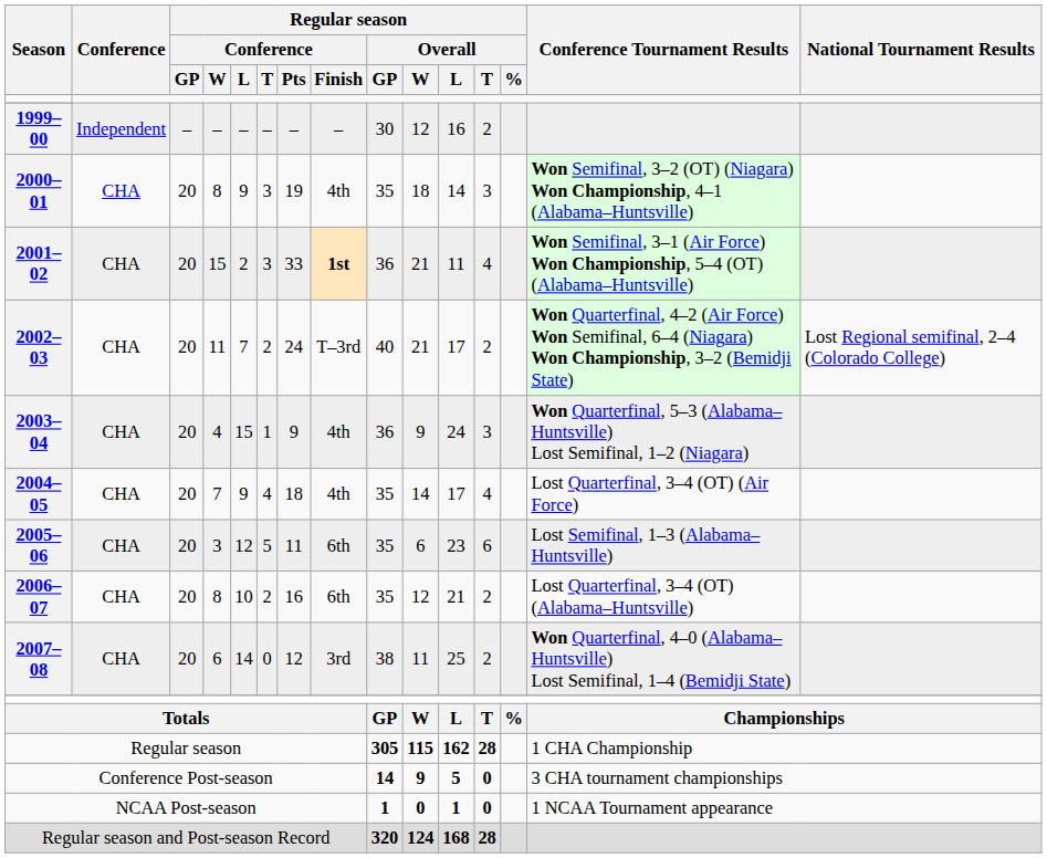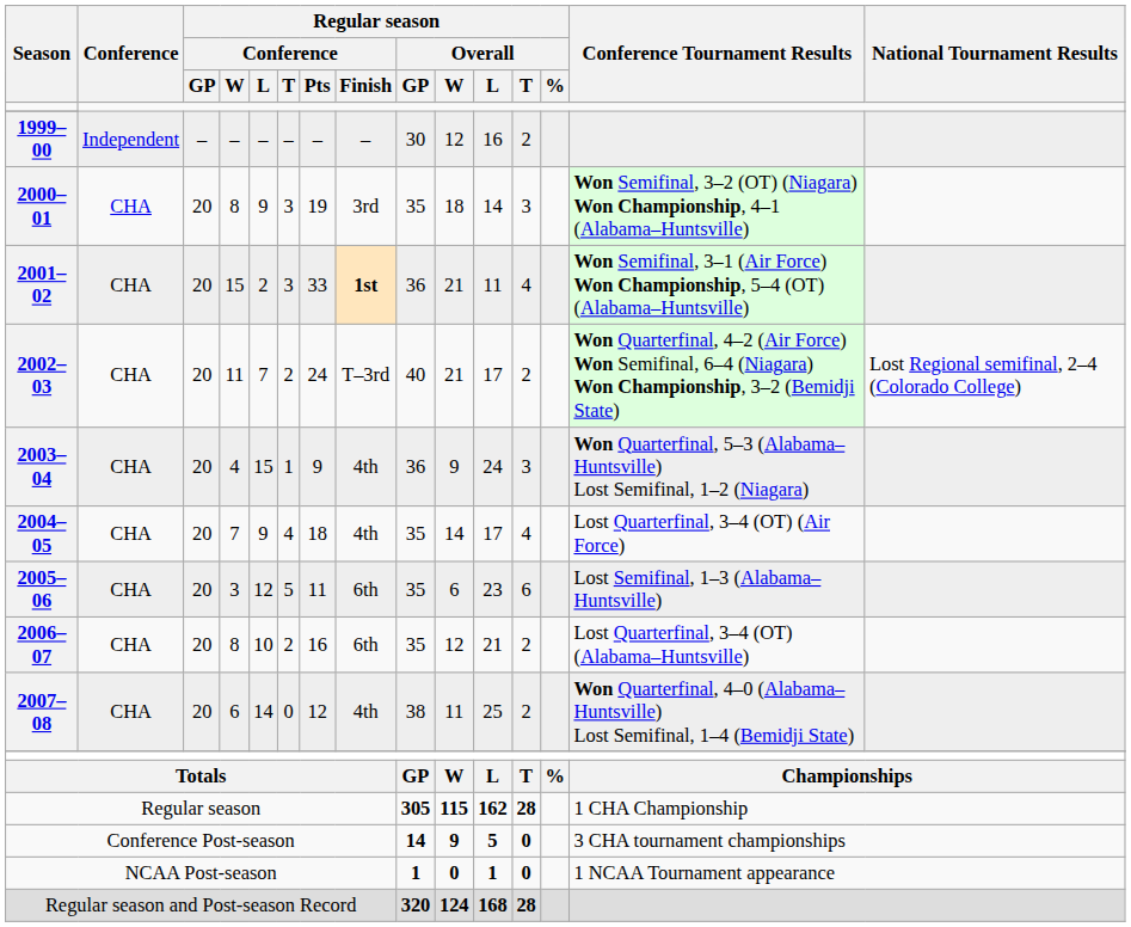 <table class="wikitable" style="text-align: center; font-size: 95%">
 <tr>
 <th rowspan="3">Season</th>
 <th rowspan="3">Conference</th>
 <th colspan="11">Regular season</th>
 <th rowspan="3">Conference Tournament Results</th>
 <th rowspan="3">National Tournament Results</th>
 </tr>
 <tr>
 <th colspan="6">Conference</th>
 <th colspan="5">Overall</th>
 </tr>
 <tr>
 <th>GP</th>
 <th>W</th>
 <th>L</th>
 <th>T</th>
 <th>Pts</th>
 <th>Finish</th>
 <th>GP</th>
 <th>W</th>
 <th>L</th>
 <th>T</th>
 <th>%</th>
 </tr>
 <tr>
 <td><a href='#'></a> </td>
 </tr>
 <tr>
 </tr>
 <tr bgcolor=#eeeeee>
 <th><a href='#'>1999–00</a></th>
 <td><a href='#'>Independent</a></td>
 <td>–</td>
 <td>–</td>
 <td>–</td>
 <td>–</td>
 <td>–</td>
 <td>–</td>
 <td>30</td>
 <td>12</td>
 <td>16</td>
 <td>2</td>
 <td></td>
 <td align="left"></td>
 <td align="left"></td>
 </tr>
 <tr>
 <th><a href='#'>2000–01</a></th>
 <td><a href='#'>CHA</a></td>
 <td>20</td>
 <td>8</td>
 <td>9</td>
 <td>3</td>
 <td>19</td>
-<td>4th</td>
+<td>3rd</td>
 <td>35</td>
 <td>18</td>
 <td>14</td>
 <td>3</td>
 <td></td>
 <td style="background: #ddffdd;" align="left"><strong>Won</strong> <a href='#'>Semifinal</a>, 3–2 (OT) (<a href='#'>Niagara</a>)<br><strong>Won Championship</strong>, 4–1 (<a href='#'>Alabama–Huntsville</a>)</td>
 <td align="left"></td>
 </tr>
 <tr bgcolor=#eeeeee>
 <th><a href='#'>2001–02</a></th>
 <td>CHA</td>
 <td>20</td>
 <td>15</td>
 <td>2</td>
 <td>3</td>
 <td>33</td>
 <td style="background: #FFE6BD;"><strong>1st</strong></td>
 <td>36</td>
 <td>21</td>
 <td>11</td>
 <td>4</td>
 <td></td>
 <td style="background: #ddffdd;" align="left"><strong>Won</strong> <a href='#'>Semifinal</a>, 3–1 (<a href='#'>Air Force</a>)<br><strong>Won Championship</strong>, 5–4 (OT) (<a href='#'>Alabama–Huntsville</a>)</td>
 <td align="left"></td>
 </tr>
 <tr>
 <th><a href='#'>2002–03</a></th>
 <td>CHA</td>
 <td>20</td>
 <td>11</td>
 <td>7</td>
 <td>2</td>
 <td>24</td>
 <td>T–3rd</td>
 <td>40</td>
 <td>21</td>
 <td>17</td>
 <td>2</td>
 <td></td>
 <td style="background: #ddffdd;" align="left"><strong>Won</strong> <a href='#'>Quarterfinal</a>, 4–2 (<a href='#'>Air Force</a>)<br><strong>Won</strong> Semifinal, 6–4 (<a href='#'>Niagara</a>)<br><strong>Won Championship</strong>, 3–2 (<a href='#'>Bemidji State</a>)</td>
 <td align="left">Lost <a href='#'>Regional semifinal</a>, 2–4 (<a href='#'>Colorado College</a>)</td>
 </tr>
 <tr bgcolor=#eeeeee>
 <th><a href='#'>2003–04</a></th>
 <td>CHA</td>
 <td>20</td>
 <td>4</td>
 <td>15</td>
 <td>1</td>
 <td>9</td>
 <td>4th</td>
 <td>36</td>
 <td>9</td>
 <td>24</td>
 <td>3</td>
 <td></td>
 <td align="left"><strong>Won</strong> <a href='#'>Quarterfinal</a>, 5–3 (<a href='#'>Alabama–Huntsville</a>)<br>Lost Semifinal, 1–2 (<a href='#'>Niagara</a>)</td>
 <td align="left"></td>
 </tr>
 <tr>
 <th><a href='#'>2004–05</a></th>
 <td>CHA</td>
 <td>20</td>
 <td>7</td>
 <td>9</td>
 <td>4</td>
 <td>18</td>
 <td>4th</td>
 <td>35</td>
 <td>14</td>
 <td>17</td>
 <td>4</td>
 <td></td>
 <td align="left">Lost <a href='#'>Quarterfinal</a>, 3–4 (OT) (<a href='#'>Air Force</a>)</td>
 <td align="left"></td>
 </tr>
 <tr bgcolor=#eeeeee>
 <th><a href='#'>2005–06</a></th>
 <td>CHA</td>
 <td>20</td>
 <td>3</td>
 <td>12</td>
 <td>5</td>
 <td>11</td>
 <td>6th</td>
 <td>35</td>
 <td>6</td>
 <td>23</td>
 <td>6</td>
 <td></td>
 <td align="left">Lost <a href='#'>Semifinal</a>, 1–3 (<a href='#'>Alabama–Huntsville</a>)</td>
 <td align="left"></td>
 </tr>
 <tr>
 <th><a href='#'>2006–07</a></th>
 <td>CHA</td>
 <td>20</td>
 <td>8</td>
 <td>10</td>
 <td>2</td>
 <td>16</td>
 <td>6th</td>
 <td>35</td>
 <td>12</td>
 <td>21</td>
 <td>2</td>
 <td></td>
 <td align="left">Lost <a href='#'>Quarterfinal</a>, 3–4 (OT) (<a href='#'>Alabama–Huntsville</a>)</td>
 <td align="left"></td>
 </tr>
 <tr bgcolor=#eeeeee>
 <th><a href='#'>2007–08</a></th>
 <td>CHA</td>
 <td>20</td>
 <td>6</td>
 <td>14</td>
 <td>0</td>
 <td>12</td>
-<td>3rd</td>
+<td>4th</td>
 <td>38</td>
 <td>11</td>
 <td>25</td>
 <td>2</td>
 <td></td>
 <td align="left"><strong>Won</strong> <a href='#'>Quarterfinal</a>, 4–0 (<a href='#'>Alabama–Huntsville</a>)<br>Lost Semifinal, 1–4 (<a href='#'>Bemidji State</a>)</td>
 <td align="left"></td>
 </tr>
 <tr>
 </tr>
 <tr ->
 </tr>
 <tr>
 <td colspan="15" style="background:#fff;"></td>
 </tr>
 <tr>
 <th colspan="8">Totals</th>
 <th>GP</th>
 <th>W</th>
 <th>L</th>
 <th>T</th>
 <th>%</th>
 <th colspan="2">Championships</th>
 </tr>
 <tr>
 <td colspan="8">Regular season</td>
 <td><strong>305</strong></td>
 <td><strong>115</strong></td>
 <td><strong>162</strong></td>
 <td><strong>28</strong></td>
 <td><strong></strong></td>
 <td colspan="2" align="left">1 CHA Championship</td>
 </tr>
 <tr>
 <td colspan="8">Conference Post-season</td>
 <td><strong>14</strong></td>
 <td><strong>9</strong></td>
 <td><strong>5</strong></td>
 <td><strong>0</strong></td>
 <td><strong></strong></td>
 <td colspan="2" align="left">3 CHA tournament championships</td>
 </tr>
 <tr>
 <td colspan="8">NCAA Post-season</td>
 <td><strong>1</strong></td>
 <td><strong>0</strong></td>
 <td><strong>1</strong></td>
 <td><strong>0</strong></td>
 <td><strong></strong></td>
 <td colspan="2" align="left">1 NCAA Tournament appearance</td>
 </tr>
 <tr bgcolor=dddddd>
 <td colspan="8">Regular season and Post-season Record</td>
 <td><strong>320</strong></td>
 <td><strong>124</strong></td>
 <td><strong>168</strong></td>
 <td><strong>28</strong></td>
 <td><strong></strong></td>
 <td colspan="2" align="left"></td>
 </tr>
 </table>
